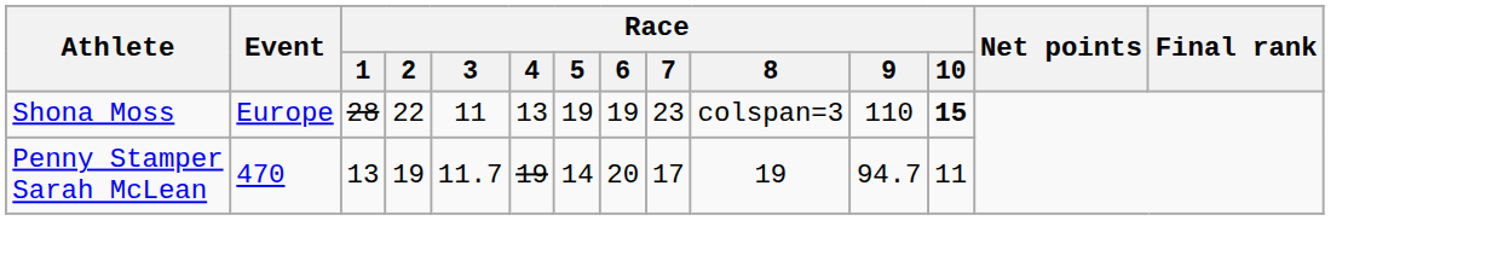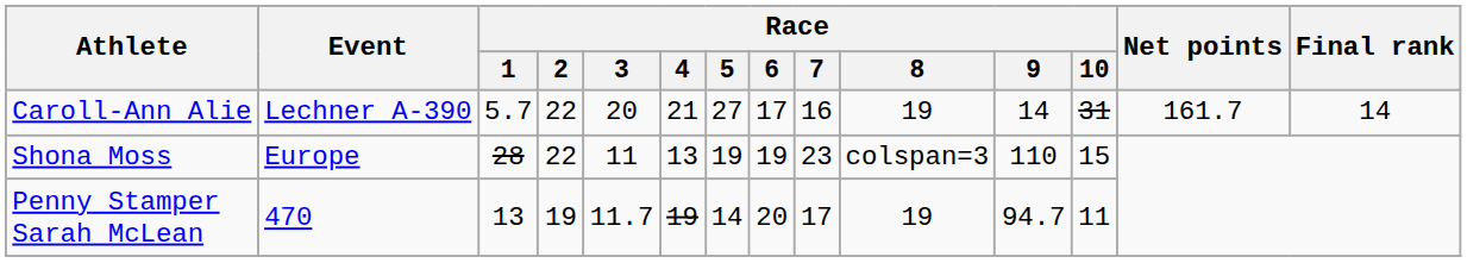 <table class="wikitable" style="font-size:90%">
 <tr>
 <th rowspan=2>Athlete</th>
 <th rowspan=2>Event</th>
 <th colspan=10>Race</th>
 <th rowspan=2>Net points</th>
 <th rowspan=2>Final rank</th>
 </tr>
 <tr style="font-size:95%">
 <th>1</th>
 <th>2</th>
 <th>3</th>
 <th>4</th>
 <th>5</th>
 <th>6</th>
 <th>7</th>
 <th>8</th>
 <th>9</th>
 <th>10</th>
 </tr>
 <tr align=center>
+<td align=left><a href='#'>Caroll-Ann Alie</a></td>
+<td align=left><a href='#'>Lechner A-390</a></td>
+<td>5.7</td>
+<td>22</td>
+<td>20</td>
+<td>21</td>
+<td>27</td>
+<td>17</td>
+<td>16</td>
+<td>19</td>
+<td>14</td>
+<td><s>31</s></td>
+<td>161.7</td>
+<td>14</td>
+</tr>
+<tr align=center>
 <td align=left><a href='#'>Shona Moss</a></td>
 <td align=left><a href='#'>Europe</a></td>
 <td><s>28</s></td>
 <td>22</td>
 <td>11</td>
 <td>13</td>
 <td>19</td>
 <td>19</td>
 <td>23</td>
 <td>colspan=3</td>
 <td>110</td>
-<td><strong>15</strong></td>
+<td>15</td>
 </tr>
 <tr align=center>
 <td align=left><a href='#'>Penny Stamper</a><br><a href='#'>Sarah McLean</a></td>
 <td align=left><a href='#'>470</a></td>
 <td>13</td>
 <td>19</td>
 <td>11.7</td>
 <td><s>19</s></td>
 <td>14</td>
 <td>20</td>
 <td>17</td>
 <td>19</td>
 <td>94.7</td>
 <td>11</td>
 </tr>
 </table>
